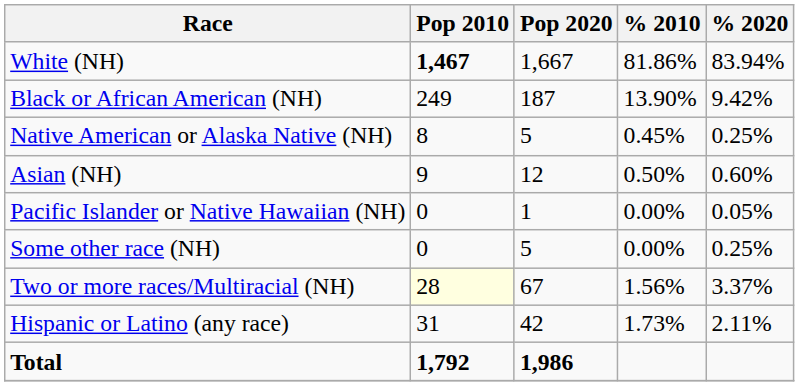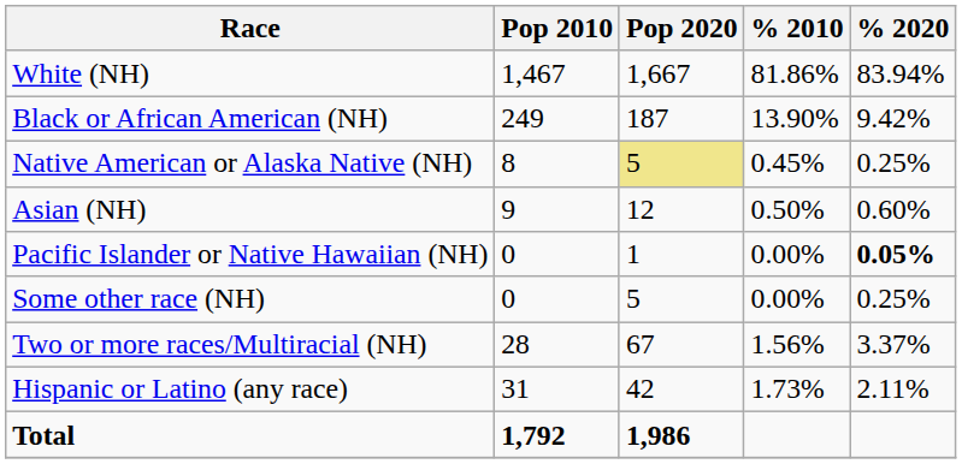 <table class="wikitable">
 <tr>
 <th>Race</th>
 <th>Pop 2010</th>
 <th>Pop 2020</th>
 <th>% 2010</th>
 <th>% 2020</th>
 </tr>
 <tr>
 <td><a href='#'>White</a> (NH)</td>
-<td><strong>1,467</strong></td>
+<td>1,467</td>
 <td>1,667</td>
 <td>81.86%</td>
 <td>83.94%</td>
 </tr>
 <tr>
 <td><a href='#'>Black or African American</a> (NH)</td>
 <td>249</td>
 <td>187</td>
 <td>13.90%</td>
 <td>9.42%</td>
 </tr>
 <tr>
 <td><a href='#'>Native American</a> or <a href='#'>Alaska Native</a> (NH)</td>
 <td>8</td>
-<td>5</td>
+<td style="background: khaki;">5</td>
 <td>0.45%</td>
 <td>0.25%</td>
 </tr>
 <tr>
 <td><a href='#'>Asian</a> (NH)</td>
 <td>9</td>
 <td>12</td>
 <td>0.50%</td>
 <td>0.60%</td>
 </tr>
 <tr>
 <td><a href='#'>Pacific Islander</a> or <a href='#'>Native Hawaiian</a> (NH)</td>
 <td>0</td>
 <td>1</td>
 <td>0.00%</td>
-<td>0.05%</td>
+<td><strong>0.05%</strong></td>
 </tr>
 <tr>
 <td><a href='#'>Some other race</a> (NH)</td>
 <td>0</td>
 <td>5</td>
 <td>0.00%</td>
 <td>0.25%</td>
 </tr>
 <tr>
 <td><a href='#'>Two or more races/Multiracial</a> (NH)</td>
-<td style="background: lightyellow;">28</td>
+<td>28</td>
 <td>67</td>
 <td>1.56%</td>
 <td>3.37%</td>
 </tr>
 <tr>
 <td><a href='#'>Hispanic or Latino</a> (any race)</td>
 <td>31</td>
 <td>42</td>
 <td>1.73%</td>
 <td>2.11%</td>
 </tr>
 <tr>
 <td><strong>Total</strong></td>
 <td><strong>1,792</strong></td>
 <td><strong>1,986</strong></td>
 <td></td>
 <td></td>
 </tr>
 <tr>
 </tr>
 </table>
